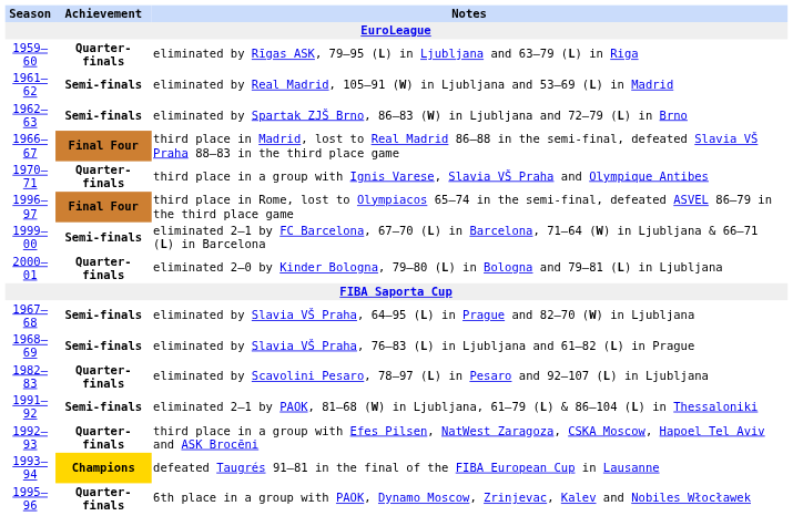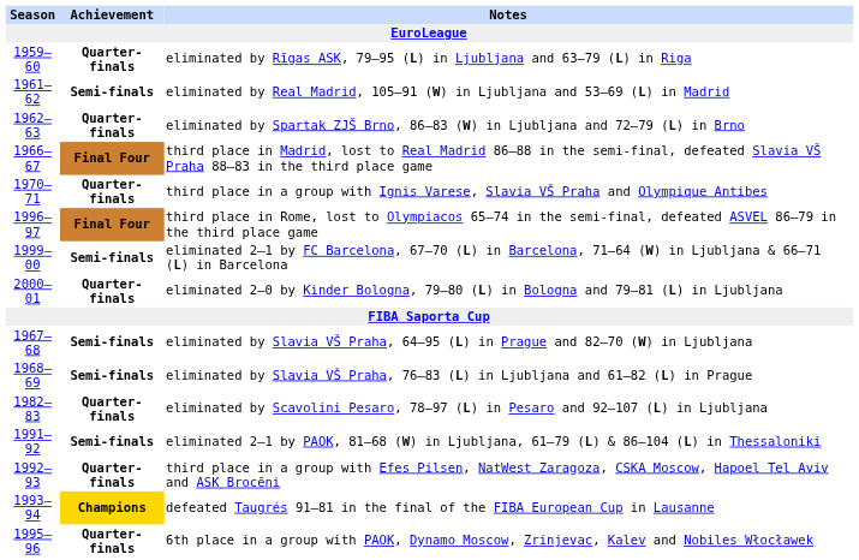 <table class="toccolours" border="0" cellpadding="2" cellspacing="0" align="left" style="margin:0.5em;">
 <tr bgcolor=#CADCFB>
 <th>Season</th>
 <th>Achievement</th>
 <th>Notes</th>
 </tr>
 <tr>
 <th colspan="4" bgcolor=#EFEFEF><a href='#'>EuroLeague</a></th>
 </tr>
 <tr>
 <td align="center"><a href='#'>1959–60</a></td>
 <td align="center"><strong>Quarter-finals</strong></td>
 <td align="left">eliminated by <a href='#'>Rīgas ASK</a>, 79–95 (<strong>L</strong>) in <a href='#'>Ljubljana</a> and 63–79 (<strong>L</strong>) in <a href='#'>Riga</a></td>
 </tr>
 <tr>
 <td align="center"><a href='#'>1961–62</a></td>
 <td align="center"><strong>Semi-finals</strong></td>
 <td align="left">eliminated by <a href='#'>Real Madrid</a>, 105–91 (<strong>W</strong>) in Ljubljana and 53–69 (<strong>L</strong>) in <a href='#'>Madrid</a></td>
 </tr>
 <tr>
 <td align="center"><a href='#'>1962–63</a></td>
-<td align="center"><strong>Semi-finals</strong></td>
+<td align="center"><strong>Quarter-finals</strong></td>
 <td align="left">eliminated by <a href='#'>Spartak ZJŠ Brno</a>, 86–83 (<strong>W</strong>) in Ljubljana and 72–79 (<strong>L</strong>) in <a href='#'>Brno</a></td>
 </tr>
 <tr>
 <td align="center"><a href='#'>1966–67</a></td>
 <td align="center" bgcolor= #CD7F32><strong>Final Four</strong></td>
 <td align="left">third place in <a href='#'>Madrid</a>, lost to <a href='#'>Real Madrid</a> 86–88 in the semi-final, defeated <a href='#'>Slavia VŠ Praha</a> 88–83 in the third place game</td>
 </tr>
 <tr>
 <td align="center"><a href='#'>1970–71</a></td>
 <td align="center"><strong>Quarter-finals</strong></td>
 <td align="left">third place in a group with <a href='#'>Ignis Varese</a>, <a href='#'>Slavia VŠ Praha</a> and <a href='#'>Olympique Antibes</a></td>
 </tr>
 <tr>
 <td align="center"><a href='#'>1996–97</a></td>
 <td align="center" bgcolor= #CD7F32><strong>Final Four</strong></td>
 <td align="left">third place in Rome, lost to <a href='#'>Olympiacos</a> 65–74 in the semi-final, defeated <a href='#'>ASVEL</a> 86–79 in the third place game</td>
 </tr>
 <tr>
 <td align="center"><a href='#'>1999–00</a></td>
 <td align="center"><strong>Semi-finals</strong></td>
 <td align="left">eliminated 2–1 by <a href='#'>FC Barcelona</a>, 67–70 (<strong>L</strong>) in <a href='#'>Barcelona</a>, 71–64 (<strong>W</strong>) in Ljubljana & 66–71 (<strong>L</strong>) in Barcelona</td>
 </tr>
 <tr>
 <td align="center"><a href='#'>2000–01</a></td>
 <td align="center"><strong>Quarter-finals</strong></td>
 <td align="left">eliminated 2–0 by <a href='#'>Kinder Bologna</a>, 79–80 (<strong>L</strong>) in <a href='#'>Bologna</a> and 79–81 (<strong>L</strong>) in Ljubljana</td>
 </tr>
 <tr>
 <th colspan="4" bgcolor=#EFEFEF><a href='#'>FIBA Saporta Cup</a></th>
 </tr>
 <tr>
 <td align="center"><a href='#'>1967–68</a></td>
 <td align="center"><strong>Semi-finals</strong></td>
 <td align="left">eliminated by <a href='#'>Slavia VŠ Praha</a>, 64–95 (<strong>L</strong>) in <a href='#'>Prague</a> and 82–70 (<strong>W</strong>) in Ljubljana</td>
 </tr>
 <tr>
 <td align="center"><a href='#'>1968–69</a></td>
 <td align="center"><strong>Semi-finals</strong></td>
 <td align="left">eliminated by <a href='#'>Slavia VŠ Praha</a>, 76–83 (<strong>L</strong>) in Ljubljana and 61–82 (<strong>L</strong>) in Prague</td>
 </tr>
 <tr>
 <td align="center"><a href='#'>1982–83</a></td>
 <td align="center"><strong>Quarter-finals</strong></td>
 <td align="left">eliminated by <a href='#'>Scavolini Pesaro</a>, 78–97 (<strong>L</strong>) in <a href='#'>Pesaro</a> and 92–107 (<strong>L</strong>) in Ljubljana</td>
 </tr>
 <tr>
 <td align="center"><a href='#'>1991–92</a></td>
 <td align="center"><strong>Semi-finals</strong></td>
 <td align="left">eliminated 2–1 by <a href='#'>PAOK</a>, 81–68 (<strong>W</strong>) in Ljubljana, 61–79 (<strong>L</strong>) & 86–104 (<strong>L</strong>) in <a href='#'>Thessaloniki</a></td>
 </tr>
 <tr>
 <td align="center"><a href='#'>1992–93</a></td>
 <td align="center"><strong>Quarter-finals</strong></td>
 <td align="left">third place in a group with <a href='#'>Efes Pilsen</a>, <a href='#'>NatWest Zaragoza</a>, <a href='#'>CSKA Moscow</a>, <a href='#'>Hapoel Tel Aviv</a> and <a href='#'>ASK Brocēni</a></td>
 </tr>
 <tr>
 <td align="center"><a href='#'>1993–94</a></td>
 <td align="center" bgcolor="gold"><strong>Champions</strong></td>
 <td align="left">defeated <a href='#'>Taugrés</a> 91–81 in the final of the <a href='#'>FIBA European Cup</a> in <a href='#'>Lausanne</a></td>
 </tr>
 <tr>
 <td align="center"><a href='#'>1995–96</a></td>
 <td align="center"><strong>Quarter-finals</strong></td>
 <td align="left">6th place in a group with <a href='#'>PAOK</a>, <a href='#'>Dynamo Moscow</a>, <a href='#'>Zrinjevac</a>, <a href='#'>Kalev</a> and <a href='#'>Nobiles Włocławek</a></td>
 </tr>
 </table>
